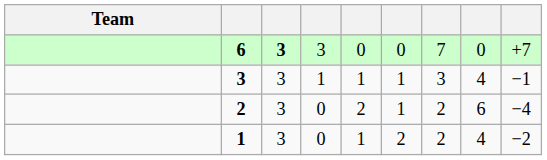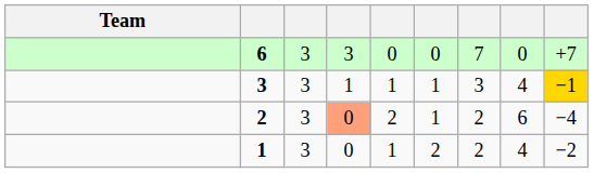 <table class="wikitable" style="text-align: center; font-size: 90%;">
 <tr>
 <th width="165">Team</th>
 <th width="25"></th>
 <th width="25"></th>
 <th width="25"></th>
 <th width="25"></th>
 <th width="25"></th>
 <th width="25"></th>
 <th width="25"></th>
 <th width="25"></th>
 </tr>
 <tr bgcolor=#ccffcc align=center>
 <td align=left></td>
 <td><strong>6</strong></td>
-<td><strong>3</strong></td>
+<td>3</td>
 <td>3</td>
 <td>0</td>
 <td>0</td>
 <td>7</td>
 <td>0</td>
 <td>+7</td>
 </tr>
 <tr align=center>
 <td align=left></td>
 <td><strong>3</strong></td>
 <td>3</td>
 <td>1</td>
 <td>1</td>
 <td>1</td>
 <td>3</td>
 <td>4</td>
-<td>−1</td>
+<td style="background: gold;">−1</td>
 </tr>
 <tr align=center>
 <td align=left></td>
 <td><strong>2</strong></td>
 <td>3</td>
-<td>0</td>
+<td style="background: lightsalmon;">0</td>
 <td>2</td>
 <td>1</td>
 <td>2</td>
 <td>6</td>
 <td>−4</td>
 </tr>
 <tr align=center>
 <td align=left></td>
 <td><strong>1</strong></td>
 <td>3</td>
 <td>0</td>
 <td>1</td>
 <td>2</td>
 <td>2</td>
 <td>4</td>
 <td>−2</td>
 </tr>
 </table>
